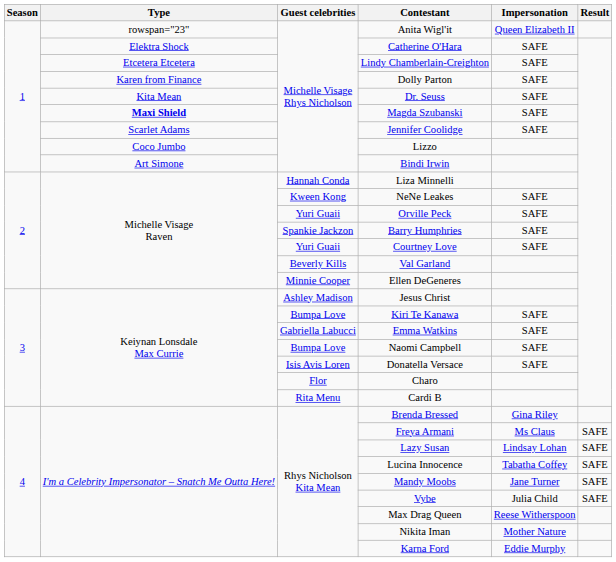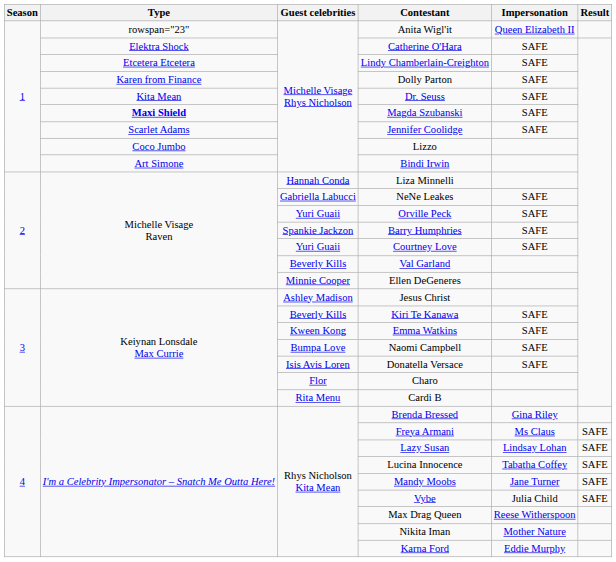 <table class="wikitable" style="text-align:center">
 <tr>
 <th>Season</th>
 <th>Type</th>
 <th>Guest celebrities</th>
 <th>Contestant</th>
 <th>Impersonation</th>
 <th>Result</th>
 </tr>
 <tr>
 <td rowspan="9"><a href='#'>1</a></td>
 <td>rowspan="23" </td>
 <td rowspan="9"><a href='#'>Michelle Visage</a><br><a href='#'>Rhys Nicholson</a></td>
 <td>Anita Wigl'it</td>
 <td><a href='#'>Queen Elizabeth II</a></td>
 <td></td>
 </tr>
 <tr>
 <td><a href='#'>Elektra Shock</a></td>
 <td><a href='#'>Catherine O'Hara</a></td>
 <td>SAFE</td>
 </tr>
 <tr>
 <td><a href='#'>Etcetera Etcetera</a></td>
 <td nowrap><a href='#'>Lindy Chamberlain-Creighton</a></td>
 <td>SAFE</td>
 </tr>
 <tr>
 <td nowrap><a href='#'>Karen from Finance</a></td>
 <td>Dolly Parton</td>
 <td>SAFE</td>
 </tr>
 <tr>
 <td><a href='#'>Kita Mean</a></td>
 <td><a href='#'>Dr. Seuss</a></td>
 <td>SAFE</td>
 </tr>
 <tr>
 <td><strong><a href='#'>Maxi Shield</a></strong></td>
 <td><a href='#'>Magda Szubanski</a></td>
 <td>SAFE</td>
 </tr>
 <tr>
 <td><a href='#'>Scarlet Adams</a></td>
 <td><a href='#'>Jennifer Coolidge</a></td>
 <td>SAFE</td>
 </tr>
 <tr>
 <td><a href='#'>Coco Jumbo</a></td>
 <td>Lizzo</td>
 <td></td>
 </tr>
 <tr>
 <td><a href='#'>Art Simone</a></td>
 <td><a href='#'>Bindi Irwin</a></td>
 <td></td>
 </tr>
 <tr>
 <td rowspan="7"><a href='#'>2</a></td>
 <td rowspan="7">Michelle Visage<br>Raven</td>
 <td><a href='#'>Hannah Conda</a></td>
 <td>Liza Minnelli</td>
 <td></td>
 </tr>
 <tr>
-<td><a href='#'>Kween Kong</a></td>
+<td><a href='#'>Gabriella Labucci</a></td>
 <td>NeNe Leakes</td>
 <td>SAFE</td>
 </tr>
 <tr>
 <td><a href='#'>Yuri Guaii</a></td>
 <td><a href='#'>Orville Peck</a></td>
 <td>SAFE</td>
 </tr>
 <tr>
 <td><a href='#'>Spankie Jackzon</a></td>
 <td><a href='#'>Barry Humphries</a></td>
 <td>SAFE</td>
 </tr>
 <tr>
 <td><a href='#'>Yuri Guaii</a></td>
 <td><a href='#'>Courtney Love</a></td>
 <td>SAFE</td>
 </tr>
 <tr>
 <td><a href='#'>Beverly Kills</a></td>
 <td><a href='#'>Val Garland</a></td>
 <td></td>
 </tr>
 <tr>
 <td><a href='#'>Minnie Cooper</a></td>
 <td>Ellen DeGeneres</td>
 <td></td>
 </tr>
 <tr>
 <td rowspan="7"><a href='#'>3</a></td>
 <td rowspan="7">Keiynan Lonsdale<br><a href='#'>Max Currie</a></td>
 <td><a href='#'>Ashley Madison</a></td>
 <td>Jesus Christ</td>
 <td></td>
 </tr>
 <tr>
-<td><a href='#'>Bumpa Love</a></td>
+<td><a href='#'>Beverly Kills</a></td>
 <td><a href='#'>Kiri Te Kanawa</a></td>
 <td>SAFE</td>
 </tr>
 <tr>
-<td><a href='#'>Gabriella Labucci</a></td>
+<td><a href='#'>Kween Kong</a></td>
 <td><a href='#'>Emma Watkins</a></td>
 <td>SAFE</td>
 </tr>
 <tr>
 <td><a href='#'>Bumpa Love</a></td>
 <td>Naomi Campbell</td>
 <td>SAFE</td>
 </tr>
 <tr>
 <td><a href='#'>Isis Avis Loren</a></td>
 <td>Donatella Versace</td>
 <td>SAFE</td>
 </tr>
 <tr>
 <td><a href='#'>Flor</a></td>
 <td>Charo</td>
 <td></td>
 </tr>
 <tr>
 <td><a href='#'>Rita Menu</a></td>
 <td>Cardi B</td>
 <td></td>
 </tr>
 <tr>
 <td rowspan="9"><a href='#'>4</a></td>
 <td rowspan="9"><em><a href='#'>I'm a Celebrity Impersonator – Snatch Me Outta Here!</a></em></td>
 <td rowspan="9">Rhys Nicholson<br><a href='#'>Kita Mean</a></td>
 <td><a href='#'>Brenda Bressed</a></td>
 <td><a href='#'>Gina Riley</a></td>
 <td></td>
 </tr>
 <tr>
 <td><a href='#'>Freya Armani</a></td>
 <td><a href='#'>Ms Claus</a></td>
 <td>SAFE</td>
 </tr>
 <tr>
 <td><a href='#'>Lazy Susan</a></td>
 <td><a href='#'>Lindsay Lohan</a></td>
 <td>SAFE</td>
 </tr>
 <tr>
 <td>Lucina Innocence</td>
 <td><a href='#'>Tabatha Coffey</a></td>
 <td>SAFE</td>
 </tr>
 <tr>
 <td><a href='#'>Mandy Moobs</a></td>
 <td><a href='#'>Jane Turner</a></td>
 <td>SAFE</td>
 </tr>
 <tr>
 <td><a href='#'>Vybe</a></td>
 <td>Julia Child</td>
 <td>SAFE</td>
 </tr>
 <tr>
 <td>Max Drag Queen</td>
 <td><a href='#'>Reese Witherspoon</a></td>
 <td></td>
 </tr>
 <tr>
 <td>Nikita Iman</td>
 <td><a href='#'>Mother Nature</a></td>
 <td></td>
 </tr>
 <tr>
 <td><a href='#'>Karna Ford</a></td>
 <td><a href='#'>Eddie Murphy</a></td>
 <td></td>
 </tr>
 </table>
